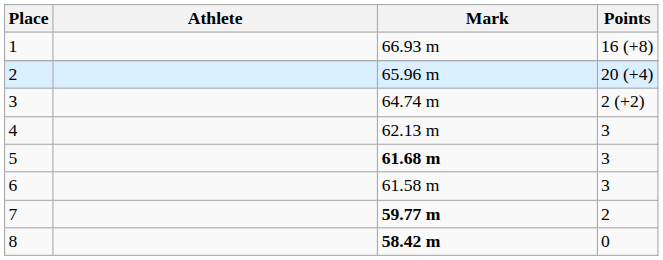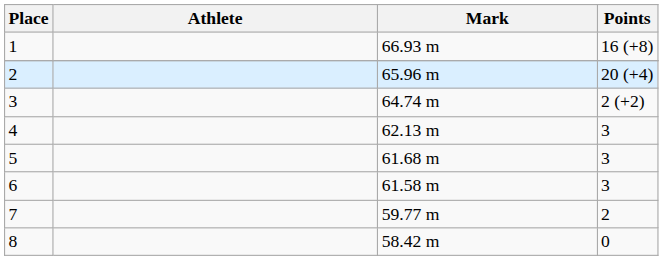 <table class="wikitable sortable">
 <tr>
 <th>Place</th>
 <th style="width:18em">Athlete</th>
 <th style="width:12em">Mark</th>
 <th>Points</th>
 </tr>
 <tr>
 <td>1</td>
 <td></td>
 <td>66.93 m </td>
 <td>16 (+8)</td>
 </tr>
 <tr>
 </tr>
 <tr style="background:#daefff;">
 <td>2 </td>
 <td></td>
 <td>65.96 m</td>
 <td>20 (+4)</td>
 </tr>
 <tr>
 <td>3</td>
 <td></td>
 <td>64.74 m</td>
 <td>2 (+2)</td>
 </tr>
 <tr>
 <td>4</td>
 <td></td>
 <td>62.13 m</td>
 <td>3</td>
 </tr>
 <tr>
 <td>5</td>
 <td></td>
-<td><strong>61.68 m</strong></td>
+<td>61.68 m</td>
 <td>3</td>
 </tr>
 <tr>
 <td>6</td>
 <td></td>
 <td>61.58 m</td>
 <td>3</td>
 </tr>
 <tr>
 <td>7</td>
 <td></td>
-<td><strong>59.77 m</strong></td>
+<td>59.77 m</td>
 <td>2</td>
 </tr>
 <tr>
 <td>8</td>
 <td></td>
-<td><strong>58.42 m</strong></td>
+<td>58.42 m</td>
 <td>0</td>
 </tr>
 </table>
